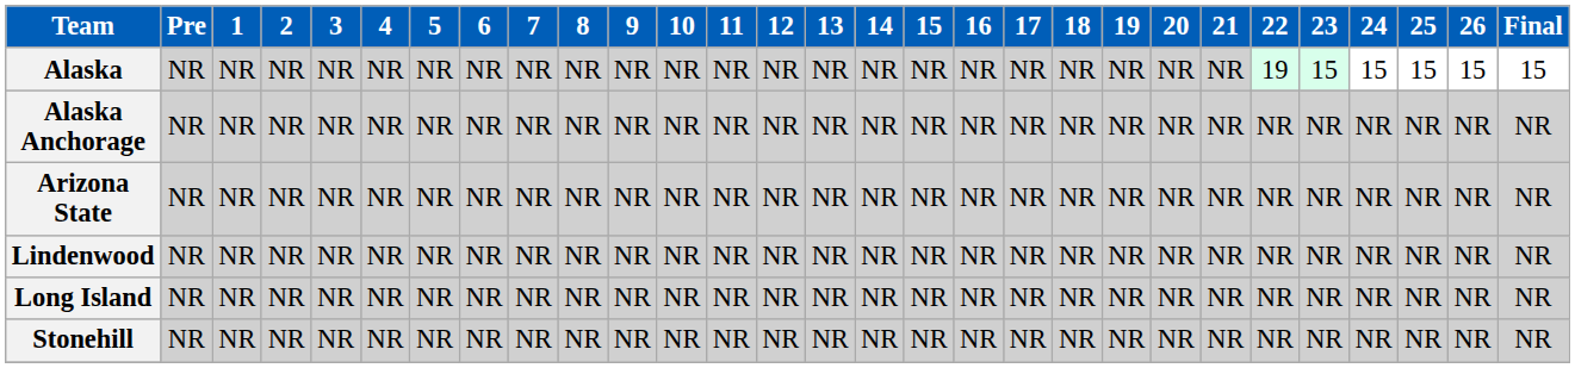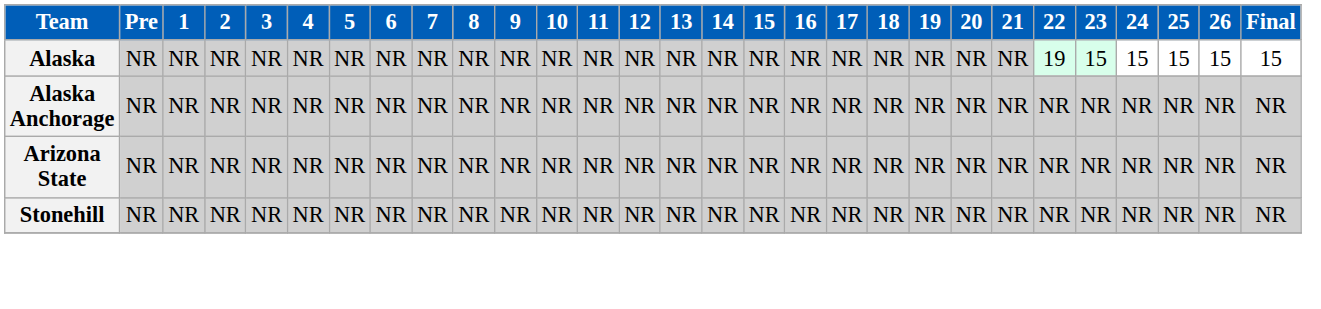 <table class="wikitable sortable" style="text-align: center;">
 <tr>
 <th style="color:white; background:#005EB8">Team</th>
 <th style="color:white; background:#005EB8">Pre</th>
 <th style="color:white; background:#005EB8">1</th>
 <th style="color:white; background:#005EB8">2</th>
 <th style="color:white; background:#005EB8">3</th>
 <th style="color:white; background:#005EB8">4</th>
 <th style="color:white; background:#005EB8">5</th>
 <th style="color:white; background:#005EB8">6</th>
 <th style="color:white; background:#005EB8">7</th>
 <th style="color:white; background:#005EB8">8</th>
 <th style="color:white; background:#005EB8">9</th>
 <th style="color:white; background:#005EB8">10</th>
 <th style="color:white; background:#005EB8">11</th>
 <th style="color:white; background:#005EB8">12</th>
 <th style="color:white; background:#005EB8">13</th>
 <th style="color:white; background:#005EB8">14</th>
 <th style="color:white; background:#005EB8">15</th>
 <th style="color:white; background:#005EB8">16</th>
 <th style="color:white; background:#005EB8">17</th>
 <th style="color:white; background:#005EB8">18</th>
 <th style="color:white; background:#005EB8">19</th>
 <th style="color:white; background:#005EB8">20</th>
 <th style="color:white; background:#005EB8">21</th>
 <th style="color:white; background:#005EB8">22</th>
 <th style="color:white; background:#005EB8">23</th>
 <th style="color:white; background:#005EB8">24</th>
 <th style="color:white; background:#005EB8">25</th>
 <th style="color:white; background:#005EB8">26</th>
 <th style="color:white; background:#005EB8">Final</th>
 </tr>
 <tr bgcolor=d0d0d0>
 <th>Alaska</th>
 <td>NR</td>
 <td>NR</td>
 <td>NR</td>
 <td>NR</td>
 <td>NR</td>
 <td>NR</td>
 <td>NR</td>
 <td>NR</td>
 <td>NR</td>
 <td>NR</td>
 <td>NR</td>
 <td>NR</td>
 <td>NR</td>
 <td>NR</td>
 <td>NR</td>
 <td>NR</td>
 <td>NR</td>
 <td>NR</td>
 <td>NR</td>
 <td>NR</td>
 <td>NR</td>
 <td>NR</td>
 <td bgcolor=D8FFEB>19</td>
 <td bgcolor=D8FFEB>15</td>
 <td bgcolor=FFFFFF>15</td>
 <td bgcolor=FFFFFF>15</td>
 <td bgcolor=FFFFFF>15</td>
 <td bgcolor=FFFFFF>15</td>
 </tr>
 <tr bgcolor=d0d0d0>
 <th>Alaska Anchorage</th>
 <td>NR</td>
 <td>NR</td>
 <td>NR</td>
 <td>NR</td>
 <td>NR</td>
 <td>NR</td>
 <td>NR</td>
 <td>NR</td>
 <td>NR</td>
 <td>NR</td>
 <td>NR</td>
 <td>NR</td>
 <td>NR</td>
 <td>NR</td>
 <td>NR</td>
 <td>NR</td>
 <td>NR</td>
 <td>NR</td>
 <td>NR</td>
 <td>NR</td>
 <td>NR</td>
 <td>NR</td>
 <td>NR</td>
 <td>NR</td>
 <td>NR</td>
 <td>NR</td>
 <td>NR</td>
 <td>NR</td>
 </tr>
 <tr bgcolor=d0d0d0>
 <th>Arizona State</th>
 <td>NR</td>
 <td>NR</td>
 <td>NR</td>
 <td>NR</td>
 <td>NR</td>
 <td>NR</td>
 <td>NR</td>
 <td>NR</td>
 <td>NR</td>
 <td>NR</td>
 <td>NR</td>
 <td>NR</td>
 <td>NR</td>
 <td>NR</td>
 <td>NR</td>
 <td>NR</td>
 <td>NR</td>
 <td>NR</td>
 <td>NR</td>
 <td>NR</td>
 <td>NR</td>
 <td>NR</td>
 <td>NR</td>
 <td>NR</td>
 <td>NR</td>
 <td>NR</td>
 <td>NR</td>
 <td>NR</td>
 </tr>
 <tr bgcolor=d0d0d0>
-<th>Lindenwood</th>
-<td>NR</td>
-<td>NR</td>
-<td>NR</td>
-<td>NR</td>
-<td>NR</td>
-<td>NR</td>
-<td>NR</td>
-<td>NR</td>
-<td>NR</td>
-<td>NR</td>
-<td>NR</td>
-<td>NR</td>
-<td>NR</td>
-<td>NR</td>
-<td>NR</td>
-<td>NR</td>
-<td>NR</td>
-<td>NR</td>
-<td>NR</td>
-<td>NR</td>
-<td>NR</td>
-<td>NR</td>
-<td>NR</td>
-<td>NR</td>
-<td>NR</td>
-<td>NR</td>
-<td>NR</td>
-<td>NR</td>
-</tr>
-<tr bgcolor=d0d0d0>
-<th>Long Island</th>
-<td>NR</td>
-<td>NR</td>
-<td>NR</td>
-<td>NR</td>
-<td>NR</td>
-<td>NR</td>
-<td>NR</td>
-<td>NR</td>
-<td>NR</td>
-<td>NR</td>
-<td>NR</td>
-<td>NR</td>
-<td>NR</td>
-<td>NR</td>
-<td>NR</td>
-<td>NR</td>
-<td>NR</td>
-<td>NR</td>
-<td>NR</td>
-<td>NR</td>
-<td>NR</td>
-<td>NR</td>
-<td>NR</td>
-<td>NR</td>
-<td>NR</td>
-<td>NR</td>
-<td>NR</td>
-<td>NR</td>
-</tr>
-<tr bgcolor=d0d0d0>
 <th>Stonehill</th>
 <td>NR</td>
 <td>NR</td>
 <td>NR</td>
 <td>NR</td>
 <td>NR</td>
 <td>NR</td>
 <td>NR</td>
 <td>NR</td>
 <td>NR</td>
 <td>NR</td>
 <td>NR</td>
 <td>NR</td>
 <td>NR</td>
 <td>NR</td>
 <td>NR</td>
 <td>NR</td>
 <td>NR</td>
 <td>NR</td>
 <td>NR</td>
 <td>NR</td>
 <td>NR</td>
 <td>NR</td>
 <td>NR</td>
 <td>NR</td>
 <td>NR</td>
 <td>NR</td>
 <td>NR</td>
 <td>NR</td>
 </tr>
 <tr>
 </tr>
 </table>
